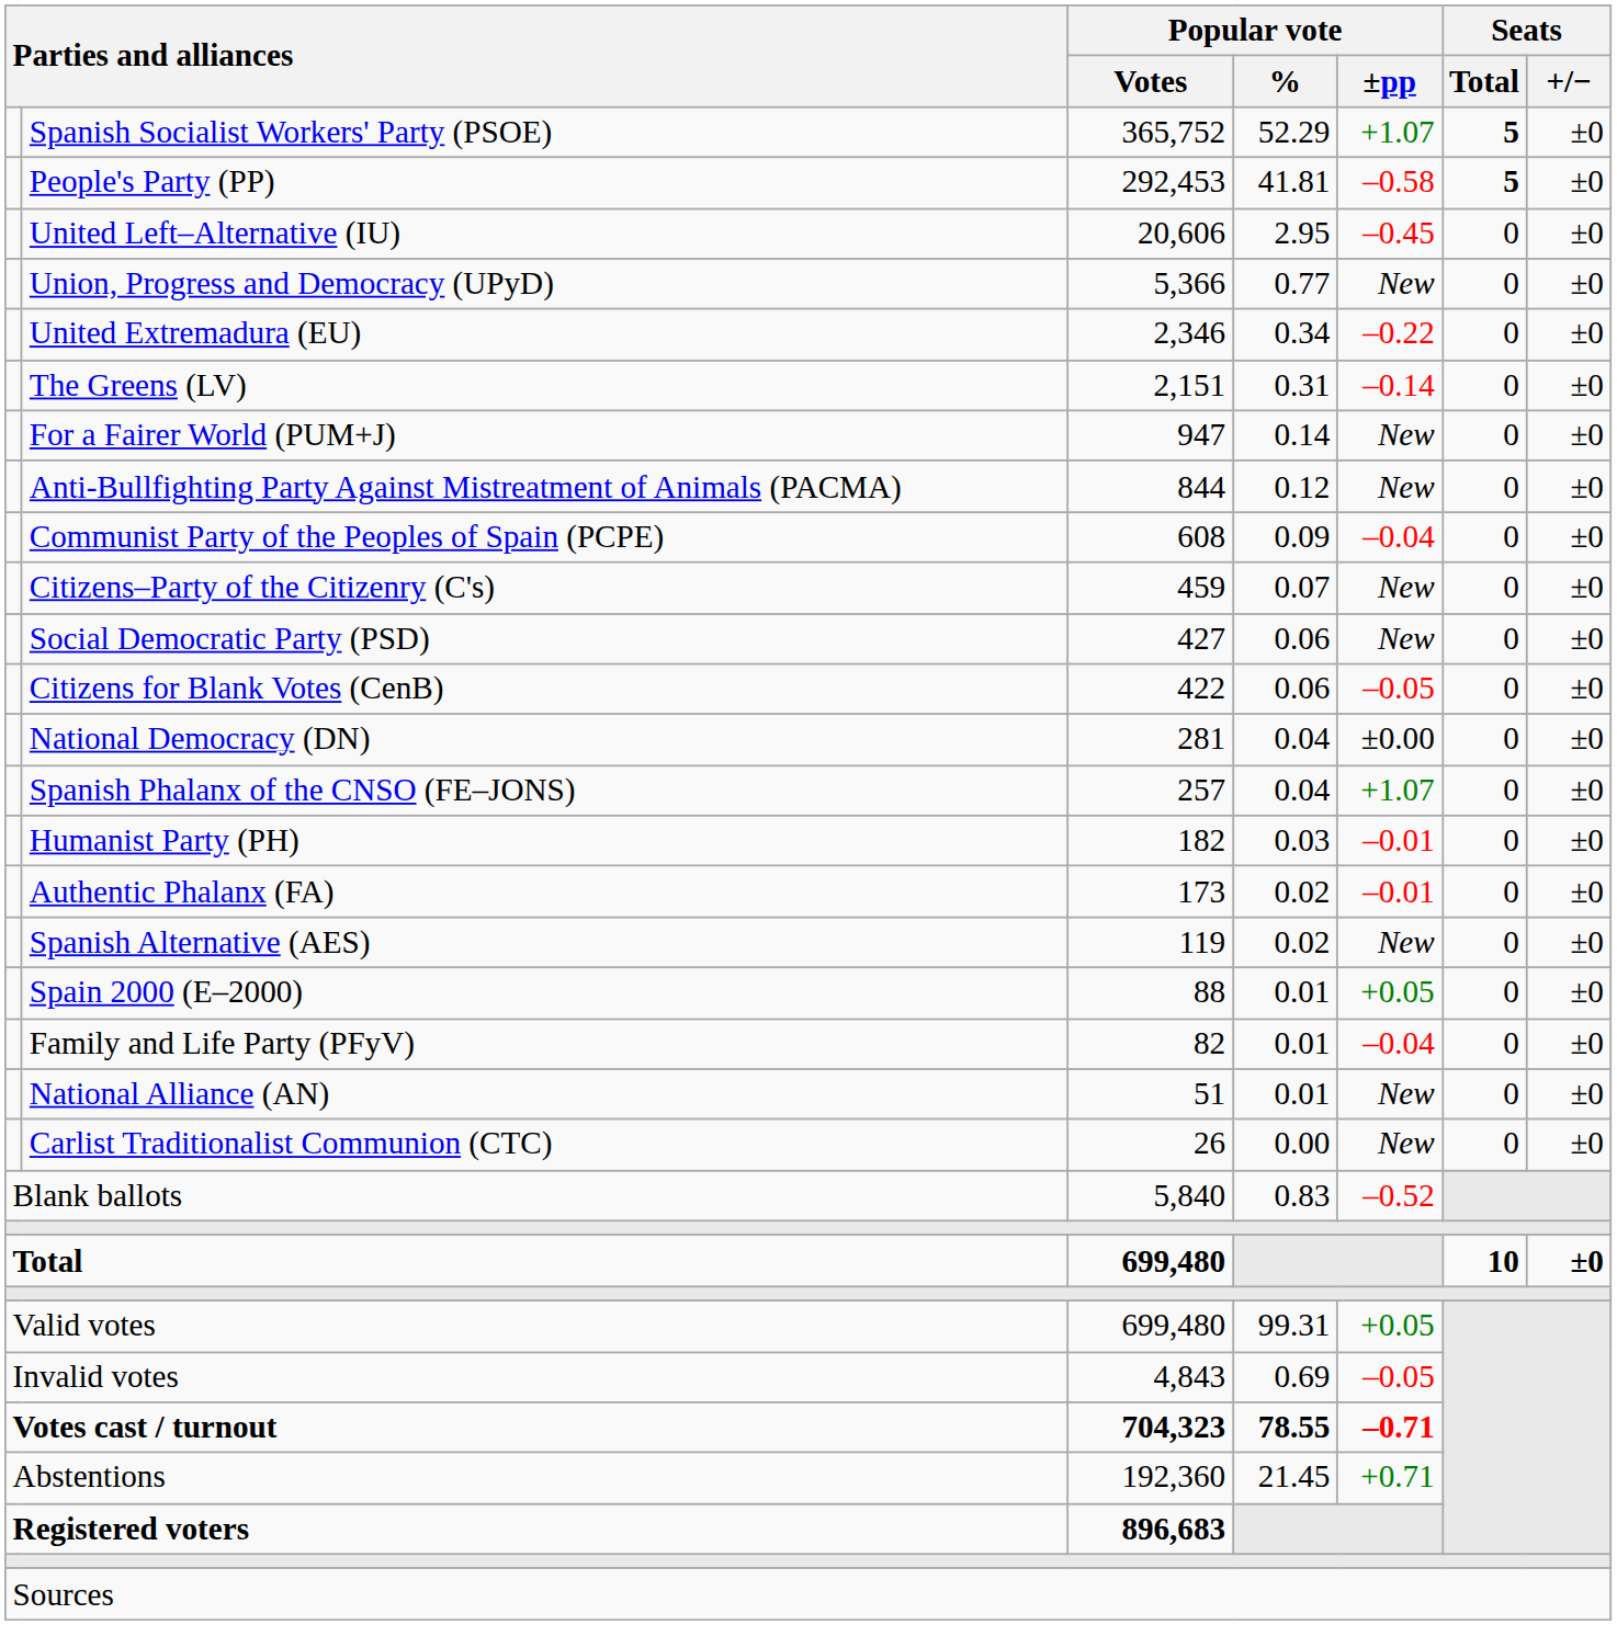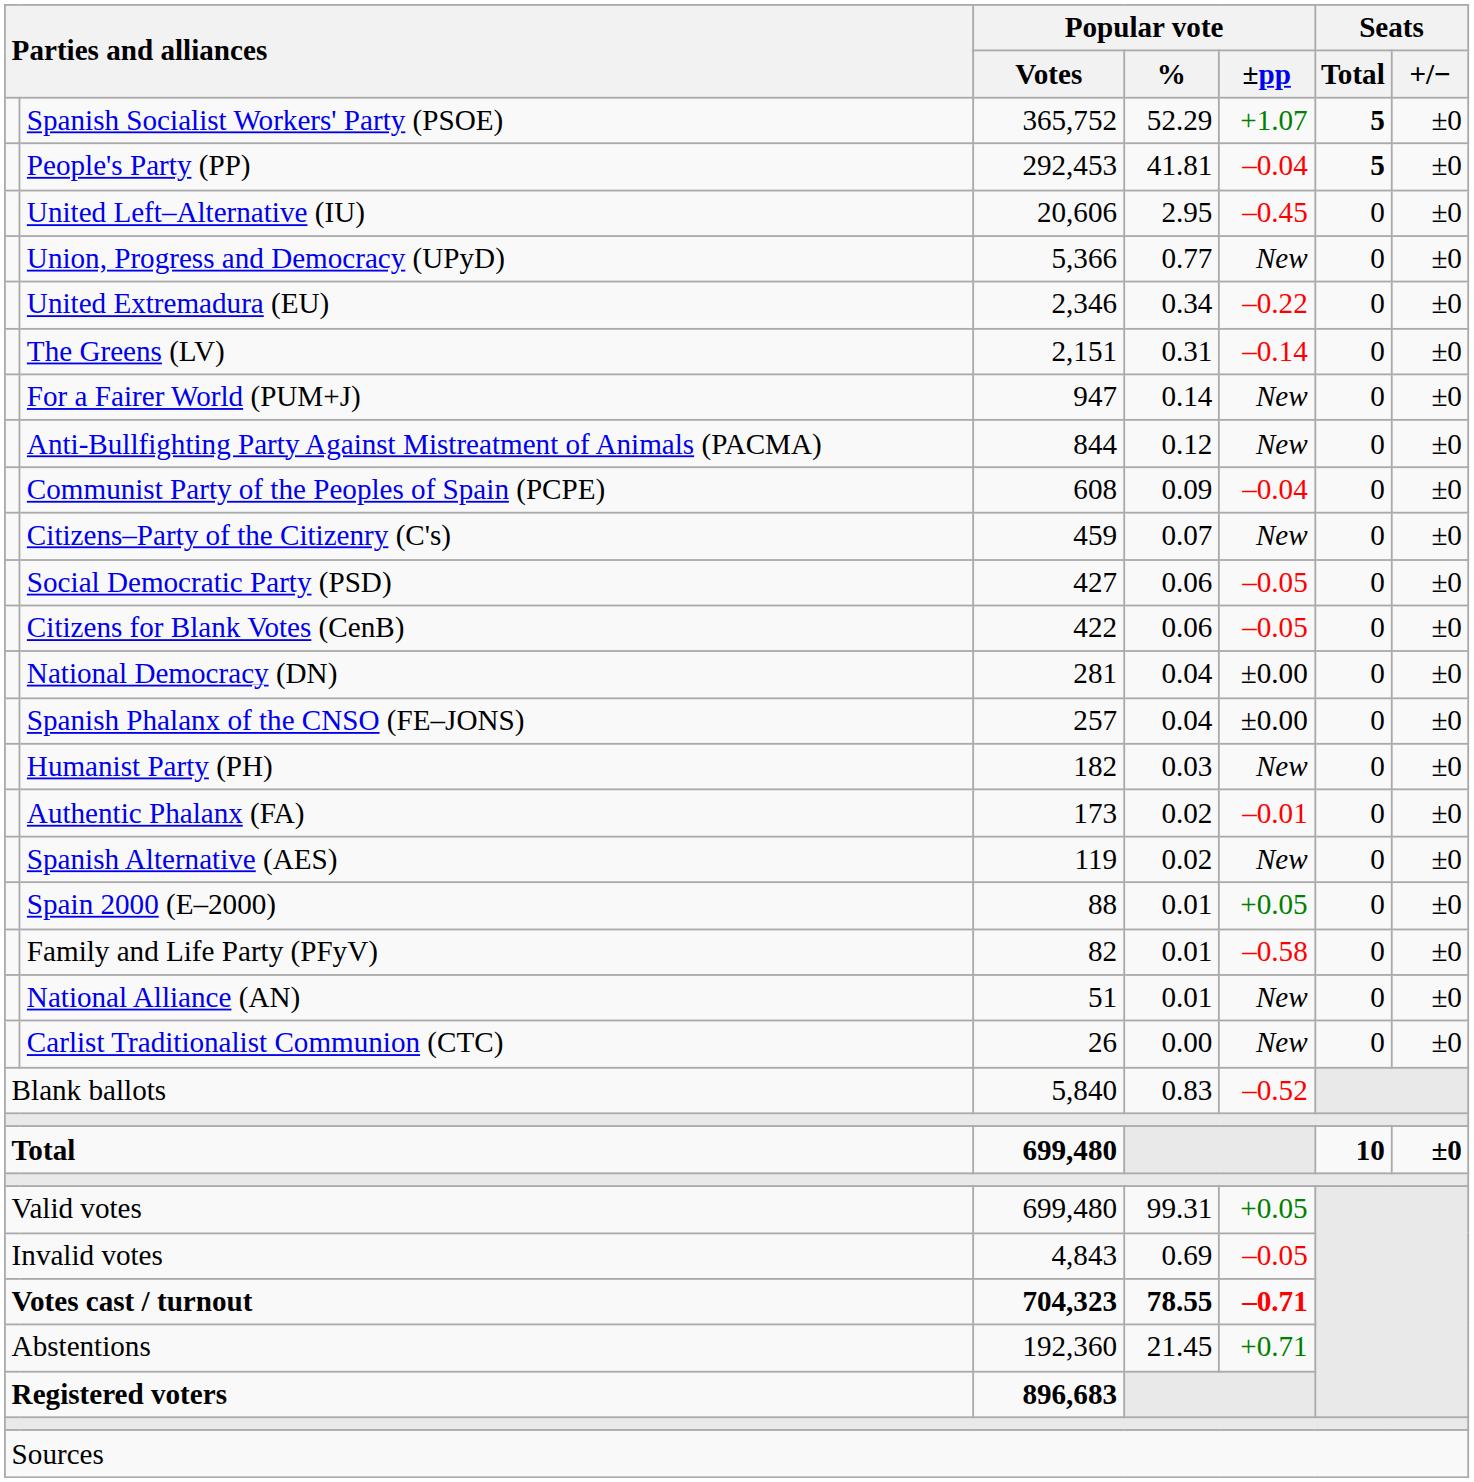 <table class="wikitable" style="text-align:right;">
 <tr>
 <th style="text-align:left;" rowspan="2" colspan="2" width="525">Parties and alliances</th>
 <th colspan="3">Popular vote</th>
 <th colspan="2">Seats</th>
 </tr>
 <tr>
 <th width="75">Votes</th>
 <th width="45">%</th>
 <th width="45">±<a href='#'>pp</a></th>
 <th width="35">Total</th>
 <th width="35">+/−</th>
 </tr>
 <tr>
 <td width="1" style="color:inherit;background:"></td>
 <td align="left"><a href='#'>Spanish Socialist Workers' Party</a> (PSOE)</td>
 <td>365,752</td>
 <td>52.29</td>
 <td style="color:green;">+1.07</td>
 <td><strong>5</strong></td>
 <td>±0</td>
 </tr>
 <tr>
 <td style="color:inherit;background:"></td>
 <td align="left"><a href='#'>People's Party</a> (PP)</td>
 <td>292,453</td>
 <td>41.81</td>
-<td style="color:red;">–0.58</td>
+<td style="color:red;">–0.04</td>
 <td><strong>5</strong></td>
 <td>±0</td>
 </tr>
 <tr>
 <td style="color:inherit;background:"></td>
 <td align="left"><a href='#'>United Left–Alternative</a> (IU)</td>
 <td>20,606</td>
 <td>2.95</td>
 <td style="color:red;">–0.45</td>
 <td>0</td>
 <td>±0</td>
 </tr>
 <tr>
 <td style="color:inherit;background:"></td>
 <td align="left"><a href='#'>Union, Progress and Democracy</a> (UPyD)</td>
 <td>5,366</td>
 <td>0.77</td>
 <td><em>New</em></td>
 <td>0</td>
 <td>±0</td>
 </tr>
 <tr>
 <td style="color:inherit;background:"></td>
 <td align="left"><a href='#'>United Extremadura</a> (EU)</td>
 <td>2,346</td>
 <td>0.34</td>
 <td style="color:red;">–0.22</td>
 <td>0</td>
 <td>±0</td>
 </tr>
 <tr>
 <td style="color:inherit;background:"></td>
 <td align="left"><a href='#'>The Greens</a> (LV)</td>
 <td>2,151</td>
 <td>0.31</td>
 <td style="color:red;">–0.14</td>
 <td>0</td>
 <td>±0</td>
 </tr>
 <tr>
 <td style="color:inherit;background:"></td>
 <td align="left"><a href='#'>For a Fairer World</a> (PUM+J)</td>
 <td>947</td>
 <td>0.14</td>
 <td><em>New</em></td>
 <td>0</td>
 <td>±0</td>
 </tr>
 <tr>
 <td style="color:inherit;background:"></td>
 <td align="left"><a href='#'>Anti-Bullfighting Party Against Mistreatment of Animals</a> (PACMA)</td>
 <td>844</td>
 <td>0.12</td>
 <td><em>New</em></td>
 <td>0</td>
 <td>±0</td>
 </tr>
 <tr>
 <td style="color:inherit;background:"></td>
 <td align="left"><a href='#'>Communist Party of the Peoples of Spain</a> (PCPE)</td>
 <td>608</td>
 <td>0.09</td>
 <td style="color:red;">–0.04</td>
 <td>0</td>
 <td>±0</td>
 </tr>
 <tr>
 <td style="color:inherit;background:"></td>
 <td align="left"><a href='#'>Citizens–Party of the Citizenry</a> (C's)</td>
 <td>459</td>
 <td>0.07</td>
 <td><em>New</em></td>
 <td>0</td>
 <td>±0</td>
 </tr>
 <tr>
 <td style="color:inherit;background:"></td>
 <td align="left"><a href='#'>Social Democratic Party</a> (PSD)</td>
 <td>427</td>
 <td>0.06</td>
-<td><em>New</em></td>
+<td style="color:red;">–0.05</td>
 <td>0</td>
 <td>±0</td>
 </tr>
 <tr>
 <td style="color:inherit;background:"></td>
 <td align="left"><a href='#'>Citizens for Blank Votes</a> (CenB)</td>
 <td>422</td>
 <td>0.06</td>
 <td style="color:red;">–0.05</td>
 <td>0</td>
 <td>±0</td>
 </tr>
 <tr>
 <td style="color:inherit;background:"></td>
 <td align="left"><a href='#'>National Democracy</a> (DN)</td>
 <td>281</td>
 <td>0.04</td>
 <td>±0.00</td>
 <td>0</td>
 <td>±0</td>
 </tr>
 <tr>
 <td style="color:inherit;background:"></td>
 <td align="left"><a href='#'>Spanish Phalanx of the CNSO</a> (FE–JONS)</td>
 <td>257</td>
 <td>0.04</td>
-<td style="color:green;">+1.07</td>
+<td>±0.00</td>
 <td>0</td>
 <td>±0</td>
 </tr>
 <tr>
 <td style="color:inherit;background:"></td>
 <td align="left"><a href='#'>Humanist Party</a> (PH)</td>
 <td>182</td>
 <td>0.03</td>
-<td style="color:red;">–0.01</td>
+<td><em>New</em></td>
 <td>0</td>
 <td>±0</td>
 </tr>
 <tr>
 <td style="color:inherit;background:"></td>
 <td align="left"><a href='#'>Authentic Phalanx</a> (FA)</td>
 <td>173</td>
 <td>0.02</td>
 <td style="color:red;">–0.01</td>
 <td>0</td>
 <td>±0</td>
 </tr>
 <tr>
 <td style="color:inherit;background:"></td>
 <td align="left"><a href='#'>Spanish Alternative</a> (AES)</td>
 <td>119</td>
 <td>0.02</td>
 <td><em>New</em></td>
 <td>0</td>
 <td>±0</td>
 </tr>
 <tr>
 <td style="color:inherit;background:"></td>
 <td align="left"><a href='#'>Spain 2000</a> (E–2000)</td>
 <td>88</td>
 <td>0.01</td>
 <td style="color:green;">+0.05</td>
 <td>0</td>
 <td>±0</td>
 </tr>
 <tr>
 <td style="color:inherit;background:"></td>
 <td align="left">Family and Life Party (PFyV)</td>
 <td>82</td>
 <td>0.01</td>
-<td style="color:red;">–0.04</td>
+<td style="color:red;">–0.58</td>
 <td>0</td>
 <td>±0</td>
 </tr>
 <tr>
 <td style="color:inherit;background:"></td>
 <td align="left"><a href='#'>National Alliance</a> (AN)</td>
 <td>51</td>
 <td>0.01</td>
 <td><em>New</em></td>
 <td>0</td>
 <td>±0</td>
 </tr>
 <tr>
 <td style="color:inherit;background:"></td>
 <td align="left"><a href='#'>Carlist Traditionalist Communion</a> (CTC)</td>
 <td>26</td>
 <td>0.00</td>
 <td><em>New</em></td>
 <td>0</td>
 <td>±0</td>
 </tr>
 <tr>
 <td align="left" colspan="2">Blank ballots</td>
 <td>5,840</td>
 <td>0.83</td>
 <td style="color:red;">–0.52</td>
 <td bgcolor="#E9E9E9" colspan="2"></td>
 </tr>
 <tr>
 <td colspan="7" bgcolor="#E9E9E9"></td>
 </tr>
 <tr style="font-weight:bold;">
 <td align="left" colspan="2">Total</td>
 <td>699,480</td>
 <td bgcolor="#E9E9E9" colspan="2"></td>
 <td>10</td>
 <td>±0</td>
 </tr>
 <tr>
 <td colspan="7" bgcolor="#E9E9E9"></td>
 </tr>
 <tr>
 <td align="left" colspan="2">Valid votes</td>
 <td>699,480</td>
 <td>99.31</td>
 <td style="color:green;">+0.05</td>
 <td bgcolor="#E9E9E9" colspan="2" rowspan="5"></td>
 </tr>
 <tr>
 <td align="left" colspan="2">Invalid votes</td>
 <td>4,843</td>
 <td>0.69</td>
 <td style="color:red;">–0.05</td>
 </tr>
 <tr style="font-weight:bold;">
 <td align="left" colspan="2">Votes cast / turnout</td>
 <td>704,323</td>
 <td>78.55</td>
 <td style="color:red;">–0.71</td>
 </tr>
 <tr>
 <td align="left" colspan="2">Abstentions</td>
 <td>192,360</td>
 <td>21.45</td>
 <td style="color:green;">+0.71</td>
 </tr>
 <tr style="font-weight:bold;">
 <td align="left" colspan="2">Registered voters</td>
 <td>896,683</td>
 <td bgcolor="#E9E9E9" colspan="2"></td>
 </tr>
 <tr>
 <td colspan="7" bgcolor="#E9E9E9"></td>
 </tr>
 <tr>
 <td align="left" colspan="7">Sources</td>
 </tr>
 </table>
